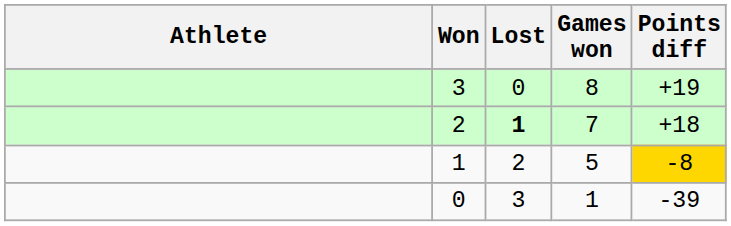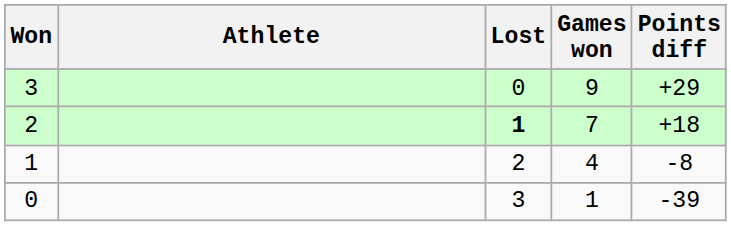 <table class="wikitable">
 <tr>
+<th>Won</th>
 <th style="width:18em">Athlete</th>
-<th>Won</th>
 <th>Lost</th>
 <th>Games<br>won</th>
 <th>Points<br>diff</th>
 </tr>
 <tr bgcolor="#ccffcc">
+<td align="center">3</td>
 <td></td>
-<td align="center">3</td>
 <td align="center">0</td>
-<td align="center">8</td>
-<td align="center">+19</td>
+<td align="center">9</td>
+<td align="center">+29</td>
 </tr>
 <tr bgcolor="#ccffcc">
+<td align="center">2</td>
 <td></td>
-<td align="center">2</td>
 <td align="center"><strong>1</strong></td>
 <td align="center">7</td>
 <td align="center">+18</td>
 </tr>
 <tr>
+<td align="center">1</td>
 <td></td>
-<td align="center">1</td>
 <td align="center">2</td>
-<td align="center">5</td>
-<td align="center" style="background: gold;">-8</td>
+<td align="center">4</td>
+<td align="center">-8</td>
 </tr>
 <tr>
+<td align="center">0</td>
 <td></td>
-<td align="center">0</td>
 <td align="center">3</td>
 <td align="center">1</td>
 <td align="center">-39</td>
 </tr>
 </table>
